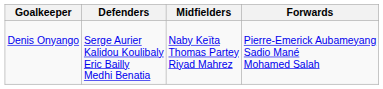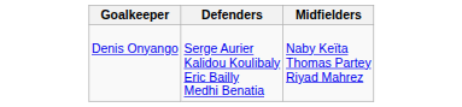 <table class="wikitable" style="margin:0 auto">
 <tr>
 <th>Goalkeeper</th>
 <th>Defenders</th>
 <th>Midfielders</th>
-<th>Forwards</th>
 </tr>
 <tr>
 <td align=left valign=top><br> <a href='#'>Denis Onyango</a></td>
 <td align=left valign=top><br> <a href='#'>Serge Aurier</a><br>  <a href='#'>Kalidou Koulibaly</a><br>  <a href='#'>Eric Bailly</a><br>  <a href='#'>Medhi Benatia</a></td>
 <td align=left valign=top><br> <a href='#'>Naby Keïta</a><br>  <a href='#'>Thomas Partey</a><br>  <a href='#'>Riyad Mahrez</a></td>
-<td align=left valign=top><br> <a href='#'>Pierre-Emerick Aubameyang</a><br>  <a href='#'>Sadio Mané</a><br>  <a href='#'>Mohamed Salah</a></td>
 </tr>
 </table>
